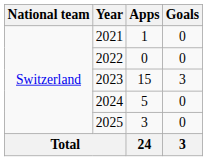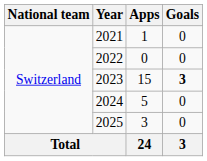 <table class="wikitable" style="text-align:center">
 <tr>
 <th>National team</th>
 <th>Year</th>
 <th>Apps</th>
 <th>Goals</th>
 </tr>
 <tr>
 <td rowspan="5"><a href='#'>Switzerland</a></td>
 <td>2021</td>
 <td>1</td>
 <td>0</td>
 </tr>
 <tr>
 <td>2022</td>
 <td>0</td>
 <td>0</td>
 </tr>
 <tr>
 <td>2023</td>
 <td>15</td>
-<td>3</td>
+<td><strong>3</strong></td>
 </tr>
 <tr>
 <td>2024</td>
 <td>5</td>
 <td>0</td>
 </tr>
 <tr>
 <td>2025</td>
 <td>3</td>
 <td>0</td>
 </tr>
 <tr>
 <th colspan="2">Total</th>
 <th>24</th>
 <th>3</th>
 </tr>
 </table>
